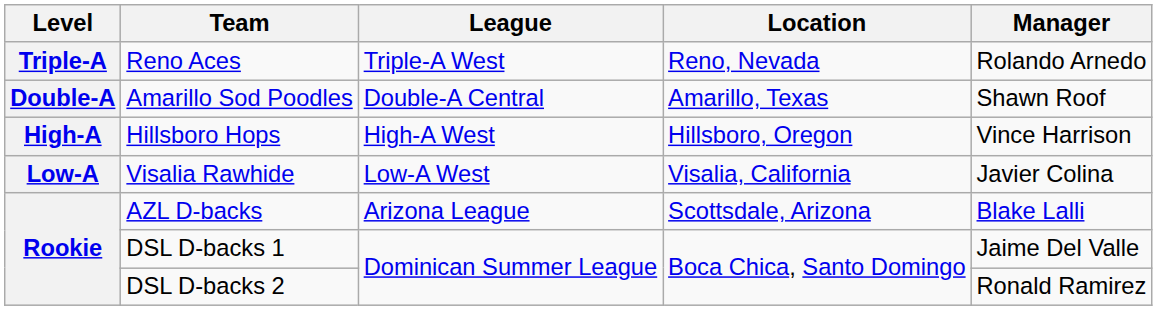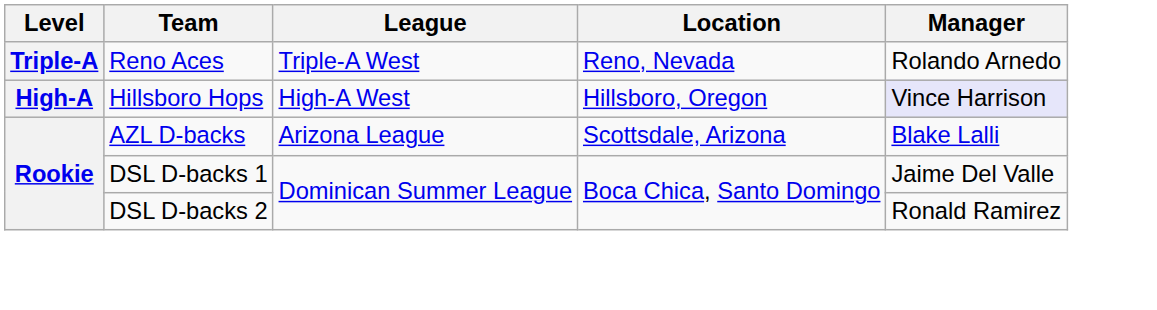 <table class="wikitable plainrowheaders">
 <tr>
 <th scope="col" style="text-align:center; ">Level</th>
 <th scope="col" style="text-align:center; ">Team</th>
 <th scope="col" style="text-align:center; ">League</th>
 <th scope="col" style="text-align:center; ">Location</th>
 <th scope="col" style="text-align:center; ">Manager</th>
 </tr>
 <tr>
 <th scope="row"><a href='#'>Triple-A</a></th>
 <td><a href='#'>Reno Aces</a></td>
 <td><a href='#'>Triple-A West</a></td>
 <td><a href='#'>Reno, Nevada</a></td>
 <td>Rolando Arnedo</td>
 </tr>
 <tr>
-<th scope="row"><a href='#'>Double-A</a></th>
-<td><a href='#'>Amarillo Sod Poodles</a></td>
-<td><a href='#'>Double-A Central</a></td>
-<td><a href='#'>Amarillo, Texas</a></td>
-<td>Shawn Roof</td>
-</tr>
-<tr>
 <th scope="row"><a href='#'>High-A</a></th>
 <td><a href='#'>Hillsboro Hops</a></td>
 <td><a href='#'>High-A West</a></td>
 <td><a href='#'>Hillsboro, Oregon</a></td>
-<td>Vince Harrison</td>
-</tr>
-<tr>
-<th scope="row"><a href='#'>Low-A</a></th>
-<td><a href='#'>Visalia Rawhide</a></td>
-<td><a href='#'>Low-A West</a></td>
-<td><a href='#'>Visalia, California</a></td>
-<td>Javier Colina</td>
+<td style="background: lavender;">Vince Harrison</td>
 </tr>
 <tr>
 <th scope="row" rowspan=4><a href='#'>Rookie</a></th>
 <td><a href='#'>AZL D-backs</a></td>
 <td><a href='#'>Arizona League</a></td>
 <td><a href='#'>Scottsdale, Arizona</a></td>
 <td><a href='#'>Blake Lalli</a></td>
 </tr>
 <tr>
 <td>DSL D-backs 1</td>
 <td rowspan=2><a href='#'>Dominican Summer League</a></td>
 <td rowspan=2><a href='#'>Boca Chica</a>, <a href='#'>Santo Domingo</a></td>
 <td>Jaime Del Valle</td>
 </tr>
 <tr>
 <td>DSL D-backs 2</td>
 <td>Ronald Ramirez</td>
 </tr>
 </table>
